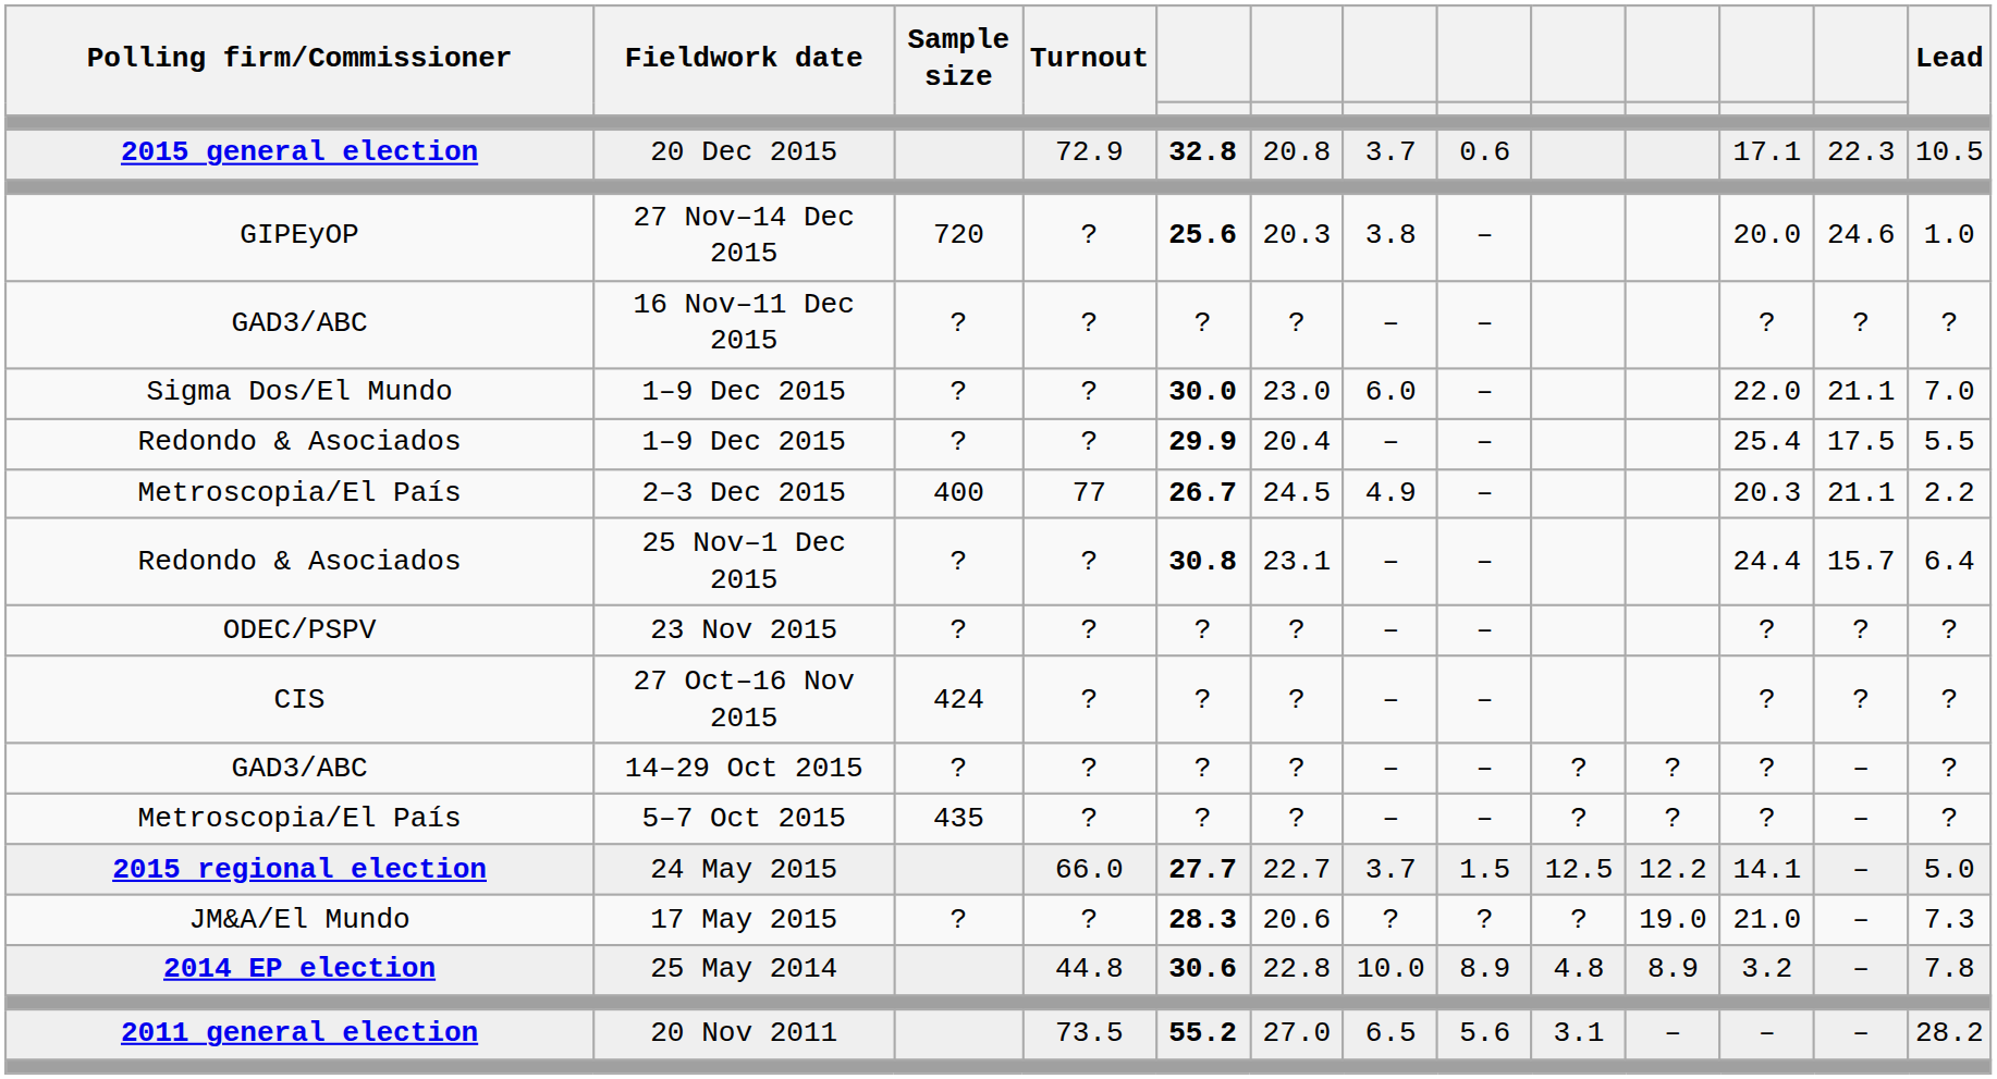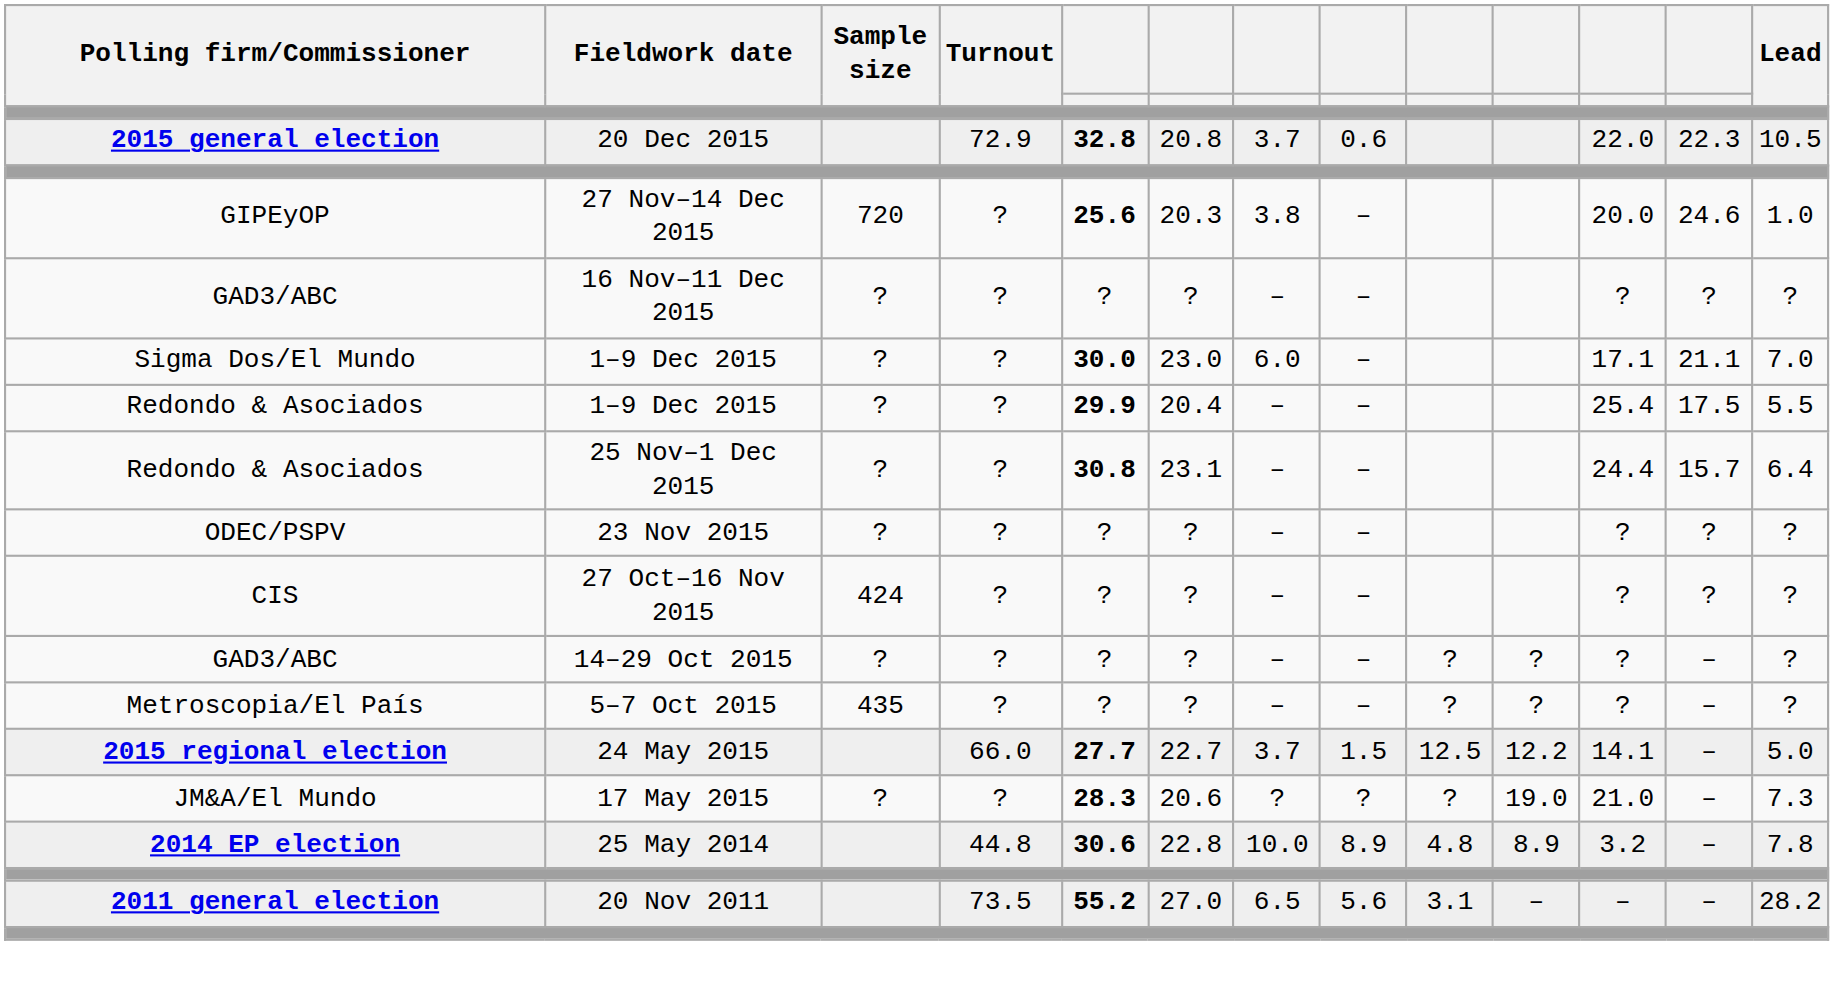 <table class="wikitable collapsible collapsed" style="text-align:center; font-size:95%; line-height:16px;">
 <tr style="height:42px; background-color:#E9E9E9">
 <th style="width:250px;" rowspan="2">Polling firm/Commissioner</th>
 <th style="width:125px;" rowspan="2">Fieldwork date</th>
 <th style="width:50px;" rowspan="2">Sample size</th>
 <th style="width:45px;" rowspan="2">Turnout</th>
 <th style="width:35px;"></th>
 <th style="width:35px;"></th>
 <th style="width:35px;"></th>
 <th style="width:35px;"></th>
 <th style="width:35px;"></th>
 <th style="width:35px;"></th>
 <th style="width:35px;"></th>
 <th style="width:35px;"></th>
 <th style="width:30px;" rowspan="2">Lead</th>
 </tr>
 <tr>
 <th style="color:inherit;background:"></th>
 <th style="color:inherit;background:"></th>
 <th style="color:inherit;background:"></th>
 <th style="color:inherit;background:"></th>
 <th style="color:inherit;background:"></th>
 <th style="color:inherit;background:"></th>
 <th style="color:inherit;background:"></th>
 <th style="color:inherit;background:"></th>
 </tr>
 <tr>
 <td colspan="13" style="background:#A0A0A0"></td>
 </tr>
 <tr style="background:#EFEFEF;">
 <td><strong><a href='#'>2015 general election</a></strong></td>
 <td>20 Dec 2015</td>
 <td></td>
 <td>72.9</td>
 <td><strong>32.8</strong><br></td>
 <td>20.8<br></td>
 <td>3.7<br></td>
 <td>0.6<br></td>
 <td></td>
 <td></td>
-<td>17.1<br></td>
+<td>22.0<br></td>
 <td>22.3<br></td>
 <td style="background:">10.5</td>
 </tr>
 <tr>
 <td colspan="13" style="background:#A0A0A0"></td>
 </tr>
 <tr>
 <td>GIPEyOP</td>
 <td>27 Nov–14 Dec 2015</td>
 <td>720</td>
 <td>?</td>
 <td><strong>25.6</strong><br></td>
 <td>20.3<br></td>
 <td>3.8<br></td>
 <td>–</td>
 <td></td>
 <td></td>
 <td>20.0<br></td>
 <td>24.6<br></td>
 <td style="background:">1.0</td>
 </tr>
 <tr>
 <td>GAD3/ABC</td>
 <td>16 Nov–11 Dec 2015</td>
 <td>?</td>
 <td>?</td>
 <td>?<br></td>
 <td>?<br></td>
 <td>–</td>
 <td>–</td>
 <td></td>
 <td></td>
 <td>?<br></td>
 <td>?<br></td>
 <td style="background:">?</td>
 </tr>
 <tr>
 <td>Sigma Dos/El Mundo</td>
 <td>1–9 Dec 2015</td>
 <td>?</td>
 <td>?</td>
 <td><strong>30.0</strong><br></td>
 <td>23.0<br></td>
 <td>6.0<br></td>
 <td>–</td>
 <td></td>
 <td></td>
-<td>22.0<br></td>
+<td>17.1<br></td>
 <td>21.1<br></td>
 <td style="background:">7.0</td>
 </tr>
 <tr>
 <td>Redondo & Asociados</td>
 <td>1–9 Dec 2015</td>
 <td>?</td>
 <td>?</td>
 <td><strong>29.9</strong><br></td>
 <td>20.4<br></td>
 <td>–</td>
 <td>–</td>
 <td></td>
 <td></td>
 <td>25.4<br></td>
 <td>17.5<br></td>
 <td style="background:">5.5</td>
-</tr>
-<tr>
-<td>Metroscopia/El País</td>
-<td>2–3 Dec 2015</td>
-<td>400</td>
-<td>77</td>
-<td><strong>26.7</strong><br></td>
-<td>24.5<br></td>
-<td>4.9<br></td>
-<td>–</td>
-<td></td>
-<td></td>
-<td>20.3<br></td>
-<td>21.1<br></td>
-<td style="background:">2.2</td>
 </tr>
 <tr>
 <td>Redondo & Asociados</td>
 <td>25 Nov–1 Dec 2015</td>
 <td>?</td>
 <td>?</td>
 <td><strong>30.8</strong><br></td>
 <td>23.1<br></td>
 <td>–</td>
 <td>–</td>
 <td></td>
 <td></td>
 <td>24.4<br></td>
 <td>15.7<br></td>
 <td style="background:">6.4</td>
 </tr>
 <tr>
 <td>ODEC/PSPV</td>
 <td>23 Nov 2015</td>
 <td>?</td>
 <td>?</td>
 <td>?<br></td>
 <td>?<br></td>
 <td>–</td>
 <td>–</td>
 <td></td>
 <td></td>
 <td>?<br></td>
 <td>?<br></td>
 <td style="background:">?</td>
 </tr>
 <tr>
 <td>CIS</td>
 <td>27 Oct–16 Nov 2015</td>
 <td>424</td>
 <td>?</td>
 <td>?<br></td>
 <td>?<br></td>
 <td>–</td>
 <td>–</td>
 <td></td>
 <td></td>
 <td>?<br></td>
 <td>?<br></td>
 <td style="background:">?</td>
 </tr>
 <tr>
 <td>GAD3/ABC</td>
 <td>14–29 Oct 2015</td>
 <td>?</td>
 <td>?</td>
 <td>?<br></td>
 <td>?<br></td>
 <td>–</td>
 <td>–</td>
 <td>?<br></td>
 <td>?<br></td>
 <td>?<br></td>
 <td>–</td>
 <td style="background:">?</td>
 </tr>
 <tr>
 <td>Metroscopia/El País</td>
 <td>5–7 Oct 2015</td>
 <td>435</td>
 <td>?</td>
 <td>?<br></td>
 <td>?<br></td>
 <td>–</td>
 <td>–</td>
 <td>?<br></td>
 <td>?<br></td>
 <td>?<br></td>
 <td>–</td>
 <td style="background:">?</td>
 </tr>
 <tr style="background:#EFEFEF;">
 <td><strong><a href='#'>2015 regional election</a></strong></td>
 <td>24 May 2015</td>
 <td></td>
 <td>66.0</td>
 <td><strong>27.7</strong><br></td>
 <td>22.7<br></td>
 <td>3.7<br></td>
 <td>1.5<br></td>
 <td>12.5<br></td>
 <td>12.2<br></td>
 <td>14.1<br></td>
 <td>–</td>
 <td style="background:">5.0</td>
 </tr>
 <tr>
 <td>JM&A/El Mundo</td>
 <td>17 May 2015</td>
 <td>?</td>
 <td>?</td>
 <td><strong>28.3</strong><br></td>
 <td>20.6<br></td>
 <td>?<br></td>
 <td>?<br></td>
 <td>?<br></td>
 <td>19.0<br></td>
 <td>21.0<br></td>
 <td>–</td>
 <td style="background:">7.3</td>
 </tr>
 <tr style="background:#EFEFEF;">
 <td><strong><a href='#'>2014 EP election</a></strong></td>
 <td>25 May 2014</td>
 <td></td>
 <td>44.8</td>
 <td><strong>30.6</strong><br></td>
 <td>22.8<br></td>
 <td>10.0<br></td>
 <td>8.9<br></td>
 <td>4.8<br></td>
 <td>8.9<br></td>
 <td>3.2<br></td>
 <td>–</td>
 <td style="background:">7.8</td>
 </tr>
 <tr>
 <td colspan="13" style="background:#A0A0A0"></td>
 </tr>
 <tr style="background:#EFEFEF;">
 <td><strong><a href='#'>2011 general election</a></strong></td>
 <td>20 Nov 2011</td>
 <td></td>
 <td>73.5</td>
 <td><strong>55.2</strong><br></td>
 <td>27.0<br></td>
 <td>6.5<br></td>
 <td>5.6<br></td>
 <td>3.1<br></td>
 <td>–</td>
 <td>–</td>
 <td>–</td>
 <td style="background:">28.2</td>
 </tr>
 <tr>
 <td colspan="13" style="background:#A0A0A0"></td>
 </tr>
 </table>
